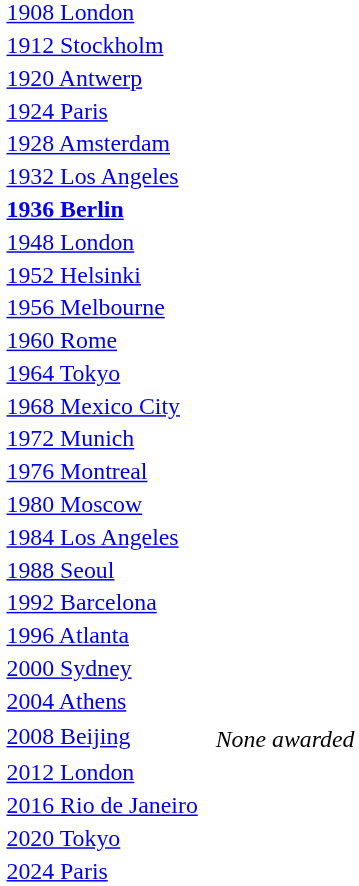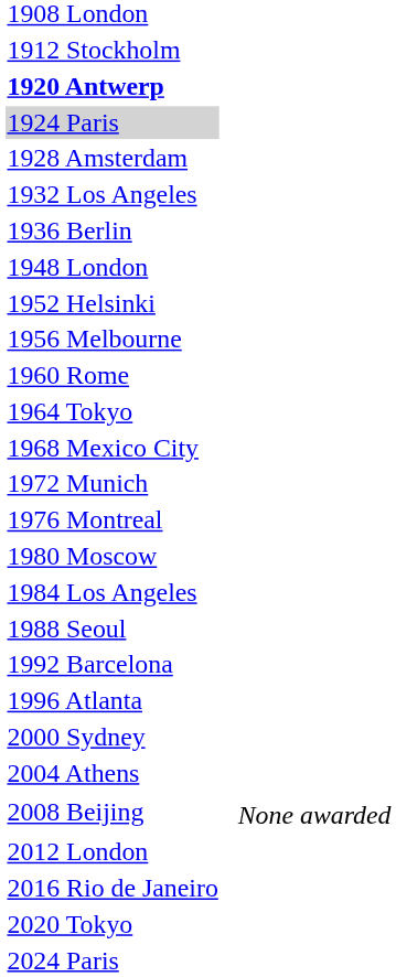 <table>
 <tr>
 <td><a href='#'>1908 London</a><br></td>
 <td></td>
 <td></td>
 <td></td>
 </tr>
 <tr>
 <td><a href='#'>1912 Stockholm</a><br></td>
 <td></td>
 <td></td>
 <td></td>
 </tr>
 <tr>
-<td><a href='#'>1920 Antwerp</a><br></td>
+<td><strong><a href='#'>1920 Antwerp</a><br></strong></td>
 <td></td>
 <td></td>
 <td></td>
 </tr>
 <tr>
-<td><a href='#'>1924 Paris</a><br></td>
+<td style="background: lightgrey;"><a href='#'>1924 Paris</a><br></td>
 <td></td>
 <td></td>
 <td></td>
 </tr>
 <tr>
 <td><a href='#'>1928 Amsterdam</a><br></td>
 <td></td>
 <td></td>
 <td></td>
 </tr>
 <tr>
 <td><a href='#'>1932 Los Angeles</a><br></td>
 <td></td>
 <td></td>
 <td></td>
 </tr>
 <tr>
-<td><strong><a href='#'>1936 Berlin</a><br></strong></td>
+<td><a href='#'>1936 Berlin</a><br></td>
 <td></td>
 <td></td>
 <td></td>
 </tr>
 <tr>
 <td><a href='#'>1948 London</a><br></td>
 <td></td>
 <td></td>
 <td></td>
 </tr>
 <tr>
 <td><a href='#'>1952 Helsinki</a><br></td>
 <td></td>
 <td></td>
 <td></td>
 </tr>
 <tr>
 <td><a href='#'>1956 Melbourne</a><br></td>
 <td></td>
 <td></td>
 <td></td>
 </tr>
 <tr>
 <td><a href='#'>1960 Rome</a><br></td>
 <td></td>
 <td></td>
 <td></td>
 </tr>
 <tr>
 <td><a href='#'>1964 Tokyo</a><br></td>
 <td></td>
 <td></td>
 <td></td>
 </tr>
 <tr>
 <td><a href='#'>1968 Mexico City</a><br></td>
 <td></td>
 <td></td>
 <td></td>
 </tr>
 <tr>
 <td><a href='#'>1972 Munich</a><br></td>
 <td></td>
 <td></td>
 <td></td>
 </tr>
 <tr>
 <td><a href='#'>1976 Montreal</a><br></td>
 <td></td>
 <td></td>
 <td></td>
 </tr>
 <tr>
 <td><a href='#'>1980 Moscow</a><br></td>
 <td></td>
 <td></td>
 <td></td>
 </tr>
 <tr>
 <td><a href='#'>1984 Los Angeles</a><br></td>
 <td></td>
 <td></td>
 <td></td>
 </tr>
 <tr>
 <td><a href='#'>1988 Seoul</a><br></td>
 <td></td>
 <td></td>
 <td></td>
 </tr>
 <tr>
 <td><a href='#'>1992 Barcelona</a><br></td>
 <td></td>
 <td></td>
 <td></td>
 </tr>
 <tr>
 <td><a href='#'>1996 Atlanta</a><br></td>
 <td></td>
 <td></td>
 <td></td>
 </tr>
 <tr>
 <td><a href='#'>2000 Sydney</a><br></td>
 <td></td>
 <td></td>
 <td></td>
 </tr>
 <tr>
 <td><a href='#'>2004 Athens</a><br></td>
 <td></td>
 <td></td>
 <td></td>
 </tr>
 <tr>
 <td rowspan=2><a href='#'>2008 Beijing</a><br></td>
 <td rowspan=2></td>
 <td rowspan=2></td>
 <td></td>
 </tr>
 <tr>
 <td><em>None awarded</em></td>
 </tr>
 <tr>
 <td rowspan=2><a href='#'>2012 London</a><br></td>
 <td rowspan=2></td>
 <td rowspan=2></td>
 <td></td>
 </tr>
 <tr>
 <td></td>
 </tr>
 <tr>
 <td rowspan=2><a href='#'>2016 Rio de Janeiro</a><br></td>
 <td rowspan=2></td>
 <td rowspan=2></td>
 <td></td>
 </tr>
 <tr>
 <td></td>
 </tr>
 <tr>
 <td rowspan=2><a href='#'>2020 Tokyo</a><br></td>
 <td rowspan=2></td>
 <td rowspan=2></td>
 <td></td>
 </tr>
 <tr>
 <td></td>
 </tr>
 <tr>
 <td rowspan=2><a href='#'>2024 Paris</a><br></td>
 <td rowspan=2></td>
 <td rowspan=2></td>
 <td></td>
 </tr>
 <tr>
 <td></td>
 </tr>
 </table>
